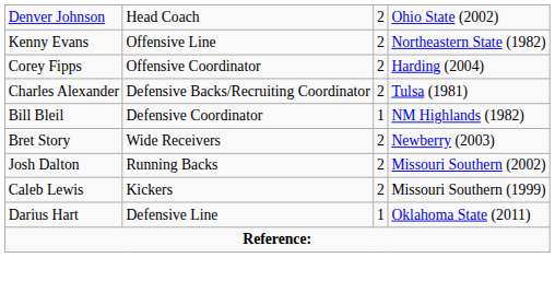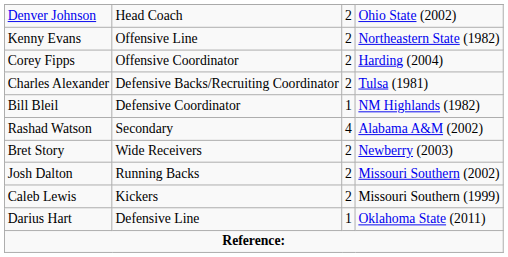 <table class="wikitable" border="1" style="font-size:90%;">
 <tr>
 </tr>
 <tr>
 <td><a href='#'>Denver Johnson</a></td>
 <td>Head Coach</td>
 <td align=center>2</td>
 <td><a href='#'>Ohio State</a> (2002)</td>
 </tr>
 <tr>
 <td>Kenny Evans</td>
 <td>Offensive Line</td>
 <td align=center>2</td>
 <td><a href='#'>Northeastern State</a> (1982)</td>
 </tr>
 <tr>
 <td>Corey Fipps</td>
 <td>Offensive Coordinator</td>
 <td align=center>2</td>
 <td><a href='#'>Harding</a> (2004)</td>
 </tr>
 <tr>
 <td>Charles Alexander</td>
 <td>Defensive Backs/Recruiting Coordinator</td>
 <td align=center>2</td>
 <td><a href='#'>Tulsa</a> (1981)</td>
 </tr>
 <tr>
 <td>Bill Bleil</td>
 <td>Defensive Coordinator</td>
 <td align=center>1</td>
 <td><a href='#'>NM Highlands</a> (1982)</td>
 </tr>
 <tr>
+<td>Rashad Watson</td>
+<td>Secondary</td>
+<td align=center>4</td>
+<td><a href='#'>Alabama A&M</a> (2002)</td>
+</tr>
+<tr>
 <td>Bret Story</td>
 <td>Wide Receivers</td>
 <td align=center>2</td>
 <td><a href='#'>Newberry</a> (2003)</td>
 </tr>
 <tr>
 <td>Josh Dalton</td>
 <td>Running Backs</td>
 <td align=center>2</td>
 <td><a href='#'>Missouri Southern</a> (2002)</td>
 </tr>
 <tr>
 <td>Caleb Lewis</td>
 <td>Kickers</td>
 <td align=center>2</td>
 <td>Missouri Southern (1999)</td>
 </tr>
 <tr>
 <td>Darius Hart</td>
 <td>Defensive Line</td>
 <td align=center>1</td>
 <td><a href='#'>Oklahoma State</a> (2011)</td>
 </tr>
 <tr align="center">
 <td colspan=4><strong>Reference:</strong></td>
 </tr>
 </table>
